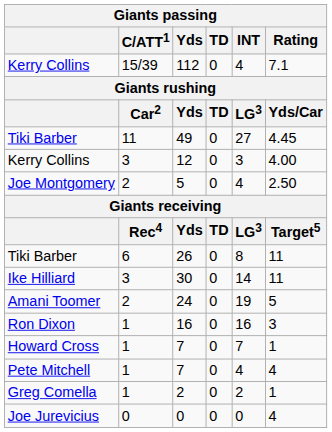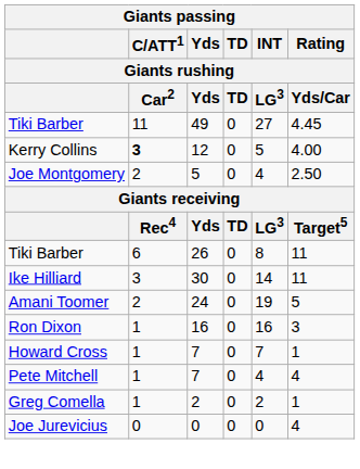 <table class="wikitable">
 <tr>
 <th colspan="6">Giants passing</th>
 </tr>
 <tr>
 <th></th>
 <th>C/ATT<sup>1</sup></th>
 <th>Yds</th>
 <th>TD</th>
 <th>INT</th>
 <th>Rating</th>
-</tr>
-<tr>
-<td><a href='#'>Kerry Collins</a></td>
-<td>15/39</td>
-<td>112</td>
-<td>0</td>
-<td>4</td>
-<td>7.1</td>
 </tr>
 <tr>
 <th colspan="6">Giants rushing</th>
 </tr>
 <tr>
 <th></th>
 <th>Car<sup>2</sup></th>
 <th>Yds</th>
 <th>TD</th>
 <th>LG<sup>3</sup></th>
 <th>Yds/Car</th>
 </tr>
 <tr>
 <td><a href='#'>Tiki Barber</a></td>
 <td>11</td>
 <td>49</td>
 <td>0</td>
 <td>27</td>
 <td>4.45</td>
 </tr>
 <tr>
 <td>Kerry Collins</td>
-<td>3</td>
+<td><strong>3</strong></td>
 <td>12</td>
 <td>0</td>
-<td>3</td>
+<td>5</td>
 <td>4.00</td>
 </tr>
 <tr>
 <td><a href='#'>Joe Montgomery</a></td>
 <td>2</td>
 <td>5</td>
 <td>0</td>
 <td>4</td>
 <td>2.50</td>
 </tr>
 <tr>
 <th colspan="6">Giants receiving</th>
 </tr>
 <tr>
 <th></th>
 <th>Rec<sup>4</sup></th>
 <th>Yds</th>
 <th>TD</th>
 <th>LG<sup>3</sup></th>
 <th>Target<sup>5</sup></th>
 </tr>
 <tr>
 <td>Tiki Barber</td>
 <td>6</td>
 <td>26</td>
 <td>0</td>
 <td>8</td>
 <td>11</td>
 </tr>
 <tr>
 <td><a href='#'>Ike Hilliard</a></td>
 <td>3</td>
 <td>30</td>
 <td>0</td>
 <td>14</td>
 <td>11</td>
 </tr>
 <tr>
 <td><a href='#'>Amani Toomer</a></td>
 <td>2</td>
 <td>24</td>
 <td>0</td>
 <td>19</td>
 <td>5</td>
 </tr>
 <tr>
 <td><a href='#'>Ron Dixon</a></td>
 <td>1</td>
 <td>16</td>
 <td>0</td>
 <td>16</td>
 <td>3</td>
 </tr>
 <tr>
 <td><a href='#'>Howard Cross</a></td>
 <td>1</td>
 <td>7</td>
 <td>0</td>
 <td>7</td>
 <td>1</td>
 </tr>
 <tr>
 <td><a href='#'>Pete Mitchell</a></td>
 <td>1</td>
 <td>7</td>
 <td>0</td>
 <td>4</td>
 <td>4</td>
 </tr>
 <tr>
 <td><a href='#'>Greg Comella</a></td>
 <td>1</td>
 <td>2</td>
 <td>0</td>
 <td>2</td>
 <td>1</td>
 </tr>
 <tr>
 <td><a href='#'>Joe Jurevicius</a></td>
 <td>0</td>
 <td>0</td>
 <td>0</td>
 <td>0</td>
 <td>4</td>
 </tr>
 </table>
